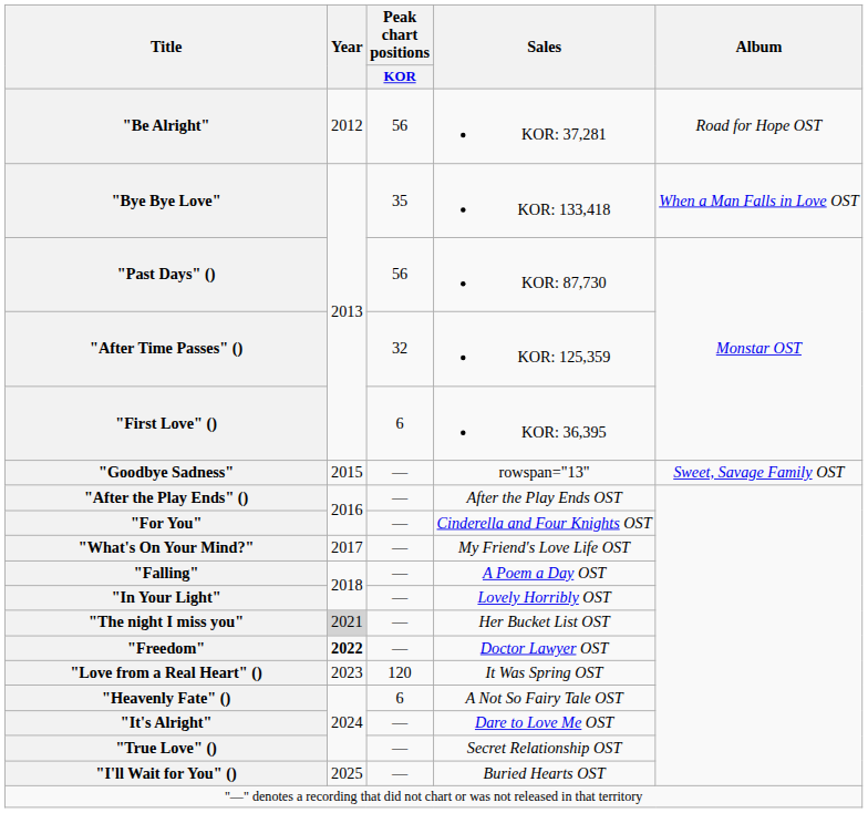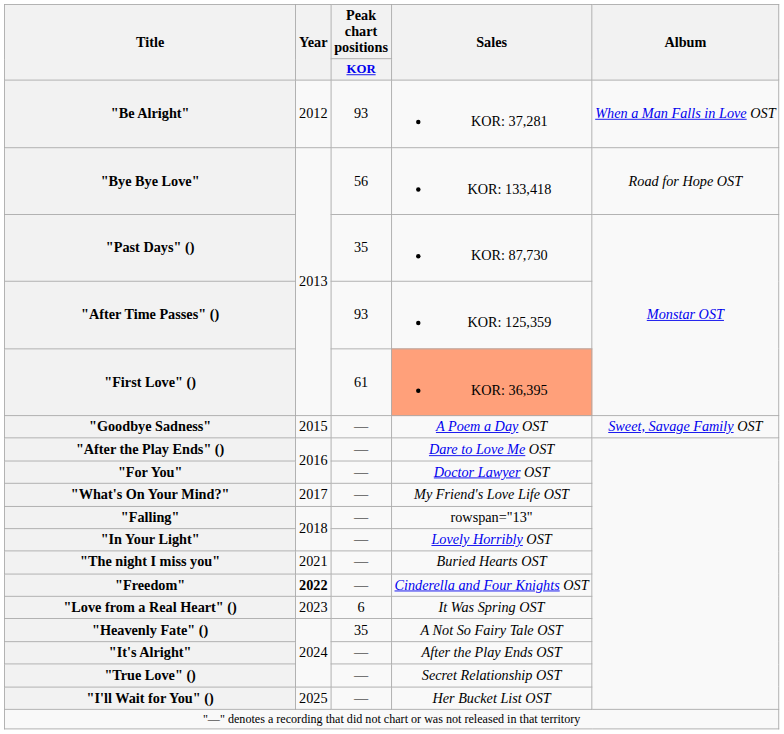 <table class="wikitable plainrowheaders" style="text-align:center" border="1">
 <tr>
 <th scope="col" rowspan="2" style="width:20em">Title</th>
 <th scope="col" rowspan="2">Year</th>
 <th scope="col" colspan="1">Peak chart positions</th>
 <th scope="col" rowspan="2">Sales</th>
 <th scope="col" rowspan="2">Album</th>
 </tr>
 <tr>
 <th scope="col" style="width:3em;font-size:90%"><a href='#'>KOR</a><br></th>
 </tr>
 <tr>
 <th scope="row">"Be Alright" <br> </th>
 <td>2012</td>
-<td>56</td>
+<td>93</td>
 <td><br><ul><li>KOR: 37,281</li></ul></td>
-<td><em>Road for Hope OST</em></td>
+<td><em><a href='#'>When a Man Falls in Love</a> OST</em></td>
 </tr>
 <tr>
 <th scope="row">"Bye Bye Love" <br> </th>
 <td rowspan="4">2013</td>
-<td>35</td>
+<td>56</td>
 <td><br><ul><li>KOR: 133,418</li></ul></td>
-<td><em><a href='#'>When a Man Falls in Love</a> OST</em></td>
+<td><em>Road for Hope OST</em></td>
 </tr>
 <tr>
 <th scope="row">"Past Days" () <br> </th>
-<td>56</td>
+<td>35</td>
 <td><br><ul><li>KOR: 87,730</li></ul></td>
 <td rowspan="3"><a href='#'><em>Monstar OST</em></a></td>
 </tr>
 <tr>
 <th scope="row">"After Time Passes" () <br> </th>
-<td>32</td>
+<td>93</td>
 <td><br><ul><li>KOR: 125,359</li></ul></td>
 </tr>
 <tr>
 <th scope="row">"First Love" () <br> </th>
-<td>6</td>
-<td><br><ul><li>KOR: 36,395</li></ul></td>
+<td>61</td>
+<td style="background: lightsalmon;"><br><ul><li>KOR: 36,395</li></ul></td>
 </tr>
 <tr>
 <th scope="row">"Goodbye Sadness" <br> </th>
 <td>2015</td>
 <td>—</td>
-<td>rowspan="13" </td>
+<td><em><a href='#'>A Poem a Day</a> OST</em></td>
 <td><em><a href='#'>Sweet, Savage Family</a> OST</em></td>
 </tr>
 <tr>
 <th scope="row">"After the Play Ends" ()<br> </th>
 <td rowspan="2">2016</td>
 <td>—</td>
-<td><em>After the Play Ends OST</em></td>
+<td><em><a href='#'>Dare to Love Me</a> OST</em></td>
 </tr>
 <tr>
 <th scope="row">"For You" <br> </th>
 <td>—</td>
-<td><em><a href='#'>Cinderella and Four Knights</a> OST</em></td>
+<td><em><a href='#'>Doctor Lawyer</a> OST</em></td>
 </tr>
 <tr>
 <th scope="row">"What's On Your Mind?"</th>
 <td>2017</td>
 <td>—</td>
 <td><em>My Friend's Love Life OST</em></td>
 </tr>
 <tr>
 <th scope="row">"Falling"</th>
 <td rowspan="2">2018</td>
 <td>—</td>
-<td><em><a href='#'>A Poem a Day</a> OST</em></td>
+<td>rowspan="13" </td>
 </tr>
 <tr>
 <th scope="row">"In Your Light"</th>
 <td>—</td>
 <td><em><a href='#'>Lovely Horribly</a> OST</em></td>
 </tr>
 <tr>
 <th scope="row">"The night I miss you"</th>
-<td style="background: lightgrey;">2021</td>
+<td>2021</td>
 <td>—</td>
-<td><em>Her Bucket List OST</em></td>
+<td><em>Buried Hearts OST</em></td>
 </tr>
 <tr>
 <th scope="row">"Freedom"</th>
 <td><strong>2022</strong></td>
 <td>—</td>
-<td><em><a href='#'>Doctor Lawyer</a> OST</em></td>
+<td><em><a href='#'>Cinderella and Four Knights</a> OST</em></td>
 </tr>
 <tr>
 <th scope="row">"Love from a Real Heart" ()</th>
 <td>2023</td>
-<td>120</td>
+<td>6</td>
 <td><em>It Was Spring OST</em></td>
 </tr>
 <tr>
 <th scope="row">"Heavenly Fate" ()</th>
 <td rowspan="3">2024</td>
-<td>6</td>
+<td>35</td>
 <td><em>A Not So Fairy Tale OST</em></td>
 </tr>
 <tr>
 <th scope="row">"It's Alright"</th>
 <td>—</td>
-<td><em><a href='#'>Dare to Love Me</a> OST</em></td>
+<td><em>After the Play Ends OST</em></td>
 </tr>
 <tr>
 <th scope="row">"True Love" ()</th>
 <td>—</td>
 <td><em>Secret Relationship OST</em></td>
 </tr>
 <tr>
 <th scope="row">"I'll Wait for You" ()</th>
 <td>2025</td>
 <td>—</td>
-<td><em>Buried Hearts OST</em></td>
+<td><em>Her Bucket List OST</em></td>
 </tr>
 <tr>
 <td colspan="5" style="font-size:85%">"—" denotes a recording that did not chart or was not released in that territory</td>
 </tr>
 </table>
